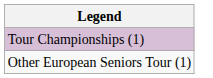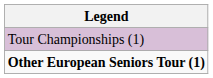 <table class="wikitable" style="font-size:95%;">
 <tr>
 <th>Legend</th>
 </tr>
 <tr style="background:thistle;">
 <td>Tour Championships (1)</td>
 </tr>
 <tr>
-<td>Other European Seniors Tour (1)</td>
+<td><strong>Other European Seniors Tour (1)</strong></td>
 </tr>
 </table>
